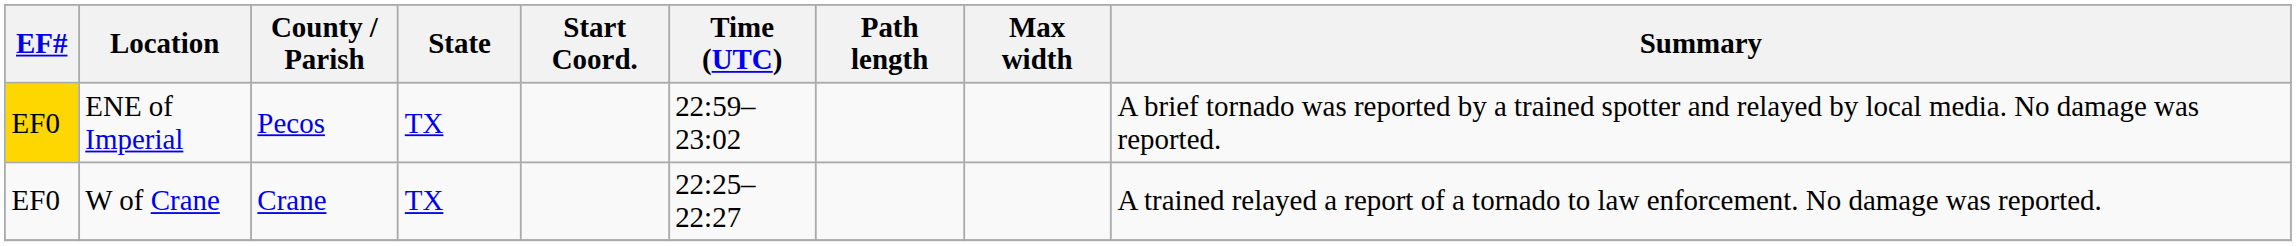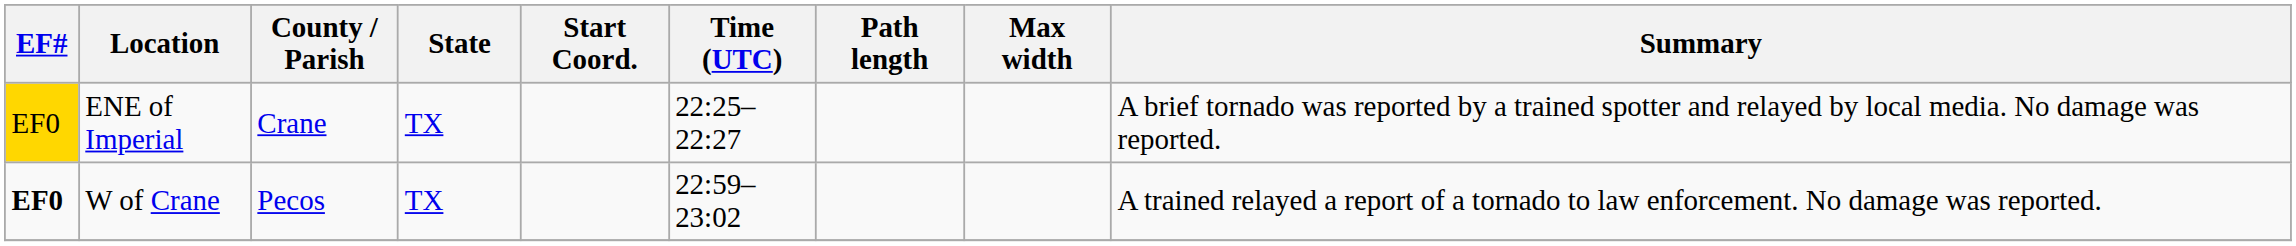 <table class="wikitable sortable" style="width:100%;">
 <tr>
 <th scope="col"  style="width:3%; text-align:center;"><a href='#'>EF#</a></th>
 <th scope="col"  style="width:7%; text-align:center;" class="unsortable">Location</th>
 <th scope="col"  style="width:6%; text-align:center;" class="unsortable">County / Parish</th>
 <th scope="col"  style="width:5%; text-align:center;">State</th>
 <th scope="col"  style="width:6%; text-align:center;">Start Coord.</th>
 <th scope="col"  style="width:6%; text-align:center;">Time (<a href='#'>UTC</a>)</th>
 <th scope="col"  style="width:6%; text-align:center;">Path length</th>
 <th scope="col"  style="width:6%; text-align:center;">Max width</th>
 <th scope="col" class="unsortable" style="width:48%; text-align:center;">Summary</th>
 </tr>
 <tr>
 <td style="background: gold;">EF0</td>
 <td>ENE of <a href='#'>Imperial</a></td>
-<td><a href='#'>Pecos</a></td>
+<td><a href='#'>Crane</a></td>
 <td><a href='#'>TX</a></td>
 <td></td>
-<td>22:59–23:02</td>
+<td>22:25–22:27</td>
 <td></td>
 <td></td>
 <td>A brief tornado was reported by a trained spotter and relayed by local media. No damage was reported.</td>
 </tr>
 <tr>
-<td>EF0</td>
+<td><strong>EF0</strong></td>
 <td>W of <a href='#'>Crane</a></td>
-<td><a href='#'>Crane</a></td>
+<td><a href='#'>Pecos</a></td>
 <td><a href='#'>TX</a></td>
 <td></td>
-<td>22:25–22:27</td>
+<td>22:59–23:02</td>
 <td></td>
 <td></td>
 <td>A trained relayed a report of a tornado to law enforcement. No damage was reported.</td>
 </tr>
 <tr>
 </tr>
 </table>
